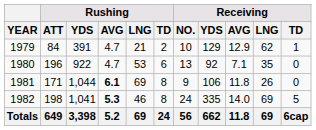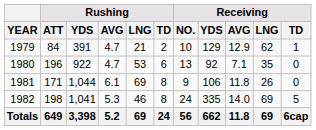 <table class=wikitable style="text-align:center">
 <tr>
 <th></th>
 <th colspan="5" style="background:#e7e3e7;">Rushing</th>
 <th colspan="5" style="background:#e7e3e7;">Receiving</th>
 </tr>
 <tr>
 <th>YEAR</th>
 <th>ATT</th>
 <th>YDS</th>
 <th>AVG</th>
 <th>LNG</th>
 <th>TD</th>
 <th>NO.</th>
 <th>YDS</th>
 <th>AVG</th>
 <th>LNG</th>
 <th>TD</th>
 </tr>
 <tr>
 <td>1979</td>
 <td>84</td>
 <td>391</td>
 <td>4.7</td>
 <td>21</td>
 <td>2</td>
 <td>10</td>
 <td>129</td>
 <td>12.9</td>
 <td>62</td>
 <td>1</td>
 </tr>
 <tr>
 <td>1980</td>
 <td>196</td>
 <td>922</td>
 <td>4.7</td>
 <td>53</td>
 <td>6</td>
 <td>13</td>
 <td>92</td>
 <td>7.1</td>
 <td>35</td>
 <td>0</td>
 </tr>
 <tr>
 <td>1981</td>
 <td>171</td>
 <td>1,044</td>
-<td><strong>6.1</strong></td>
+<td>6.1</td>
 <td>69</td>
 <td>8</td>
 <td>9</td>
 <td>106</td>
 <td>11.8</td>
 <td>26</td>
 <td>0</td>
 </tr>
 <tr>
 <td>1982</td>
 <td>198</td>
 <td>1,041</td>
-<td><strong>5.3</strong></td>
+<td>5.3</td>
 <td>46</td>
 <td>8</td>
 <td>24</td>
 <td>335</td>
 <td>14.0</td>
 <td>69</td>
 <td>5</td>
 </tr>
 <tr>
 <th>Totals</th>
 <th>649</th>
 <th>3,398</th>
 <th>5.2</th>
 <th>69</th>
 <th>24</th>
 <th>56</th>
 <th>662</th>
 <th>11.8</th>
 <th>69</th>
 <th>6cap</th>
 </tr>
 </table>
